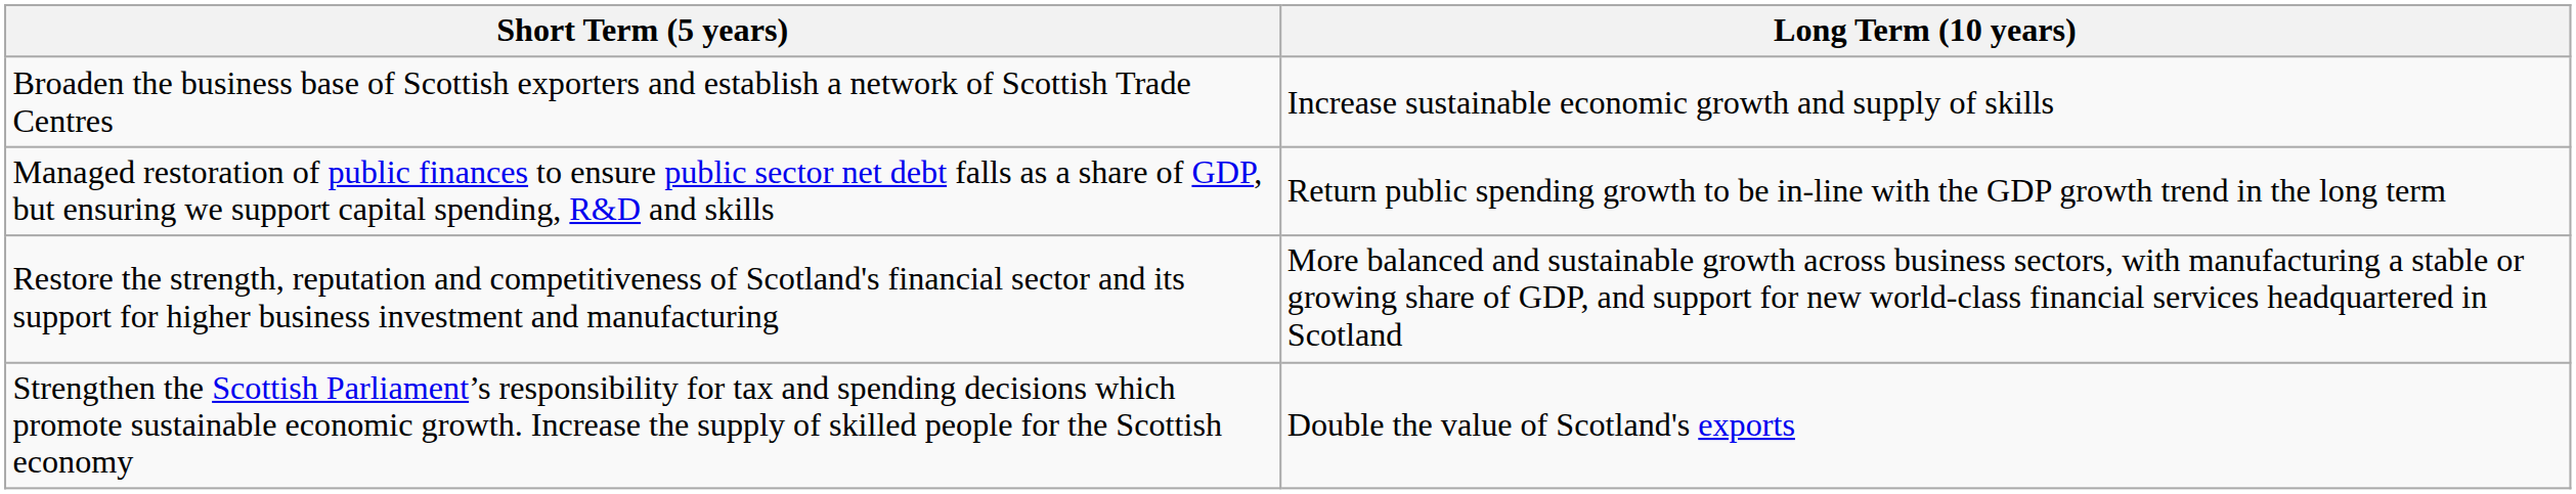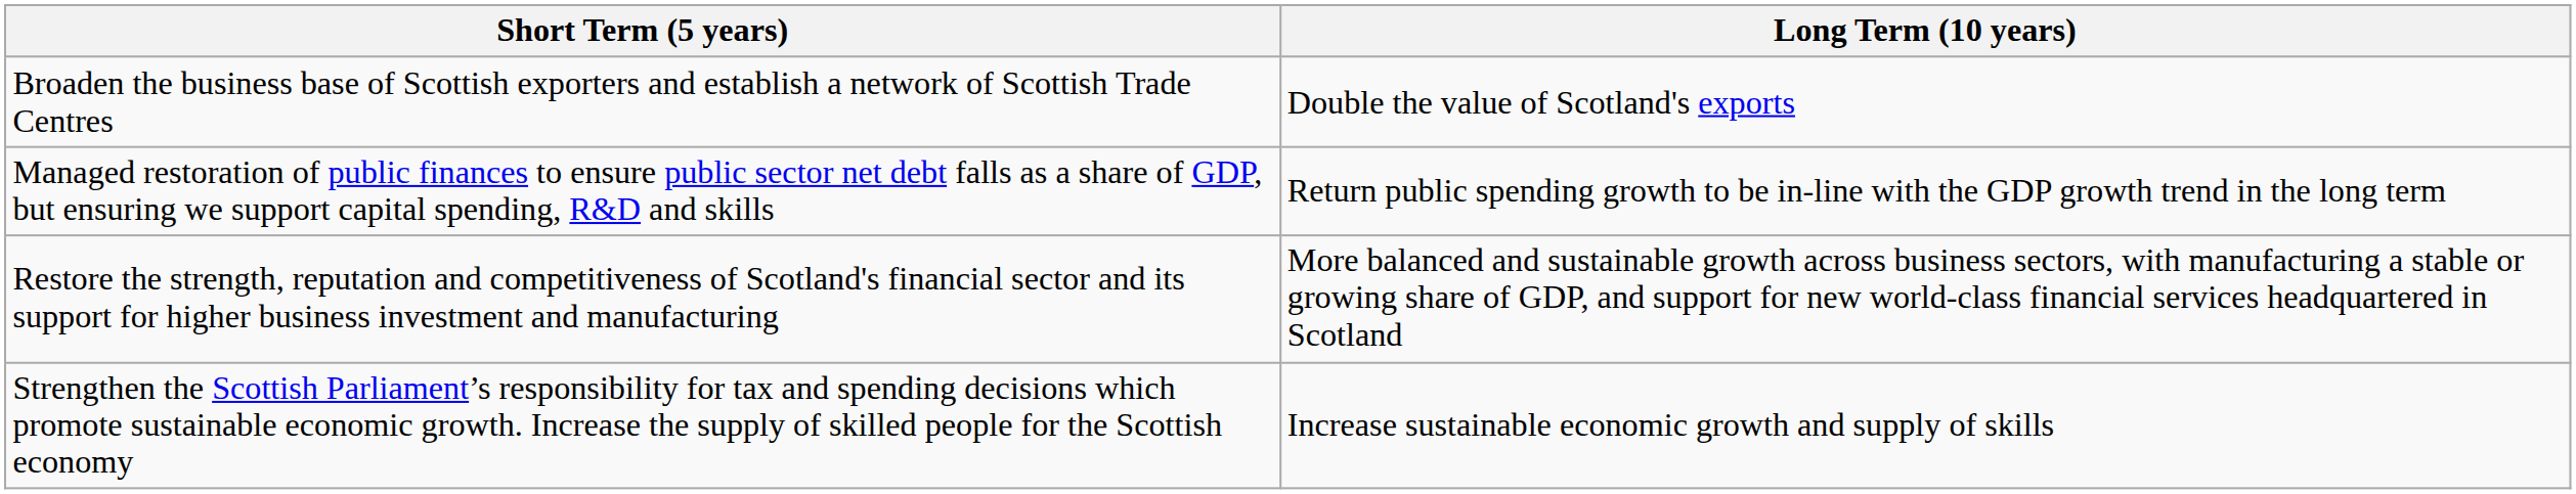 <table class="wikitable">
 <tr>
 <th>Short Term (5 years)</th>
 <th>Long Term (10 years)</th>
 </tr>
 <tr>
 <td>Broaden the business base of Scottish exporters and establish a network of Scottish Trade Centres</td>
-<td>Increase sustainable economic growth and supply of skills</td>
+<td>Double the value of Scotland's <a href='#'>exports</a></td>
 </tr>
 <tr>
 <td>Managed restoration of <a href='#'>public finances</a> to ensure <a href='#'>public sector net debt</a> falls as a share of <a href='#'>GDP</a>, but ensuring we support capital spending, <a href='#'>R&D</a> and skills</td>
 <td>Return public spending growth to be in-line with the GDP growth trend in the long term</td>
 </tr>
 <tr>
 <td>Restore the strength, reputation and competitiveness of Scotland's financial sector and its support for higher business investment and manufacturing</td>
 <td>More balanced and sustainable growth across business sectors, with manufacturing a stable or growing share of GDP, and support for new world-class financial services headquartered in Scotland</td>
 </tr>
 <tr>
 <td>Strengthen the <a href='#'>Scottish Parliament</a>’s responsibility for tax and spending decisions which promote sustainable economic growth. Increase the supply of skilled people for the Scottish economy</td>
-<td>Double the value of Scotland's <a href='#'>exports</a></td>
+<td>Increase sustainable economic growth and supply of skills</td>
 </tr>
 </table>
